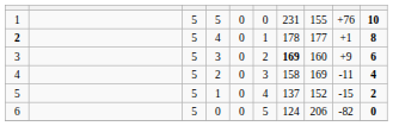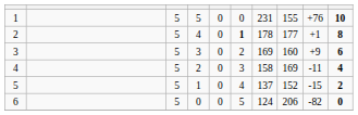 <table class="wikitable" style="text-align:center; font-size:95%">
 <tr>
 <th width="25"></th>
 <th width="200"></th>
 <th width="25"></th>
 <th width="25"></th>
 <th width="25"></th>
 <th width="25"></th>
 <th width="30"></th>
 <th width="30"></th>
 <th width="30"></th>
 <th width="30"></th>
 </tr>
 <tr style="background:#">
 <td>1</td>
 <td style="text-align:left"></td>
 <td>5</td>
 <td>5</td>
 <td>0</td>
 <td>0</td>
 <td>231</td>
 <td>155</td>
 <td>+76</td>
 <td><strong>10</strong></td>
 </tr>
 <tr style="background:#">
-<td><strong>2</strong></td>
+<td>2</td>
 <td style="text-align:left"></td>
 <td>5</td>
 <td>4</td>
 <td>0</td>
-<td>1</td>
+<td><strong>1</strong></td>
 <td>178</td>
 <td>177</td>
 <td>+1</td>
 <td><strong>8</strong></td>
 </tr>
 <tr style="background:#">
 <td>3</td>
 <td style="text-align:left"></td>
 <td>5</td>
 <td>3</td>
 <td>0</td>
 <td>2</td>
-<td><strong>169</strong></td>
+<td>169</td>
 <td>160</td>
 <td>+9</td>
 <td><strong>6</strong></td>
 </tr>
 <tr style="background:#">
 <td>4</td>
 <td style="text-align:left"></td>
 <td>5</td>
 <td>2</td>
 <td>0</td>
 <td>3</td>
 <td>158</td>
 <td>169</td>
 <td>-11</td>
 <td><strong>4</strong></td>
 </tr>
 <tr style="background-color:#">
 <td>5</td>
 <td style="text-align:left"></td>
 <td>5</td>
 <td>1</td>
 <td>0</td>
 <td>4</td>
 <td>137</td>
 <td>152</td>
 <td>-15</td>
 <td><strong>2</strong></td>
 </tr>
 <tr style="background-color:#">
 <td>6</td>
 <td style="text-align:left"></td>
 <td>5</td>
 <td>0</td>
 <td>0</td>
 <td>5</td>
 <td>124</td>
 <td>206</td>
 <td>-82</td>
 <td><strong>0</strong></td>
 </tr>
 <tr>
 </tr>
 </table>
